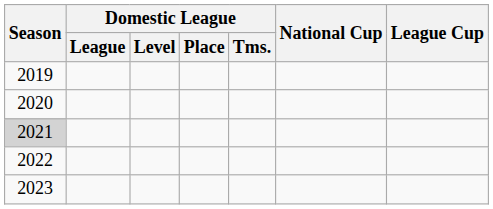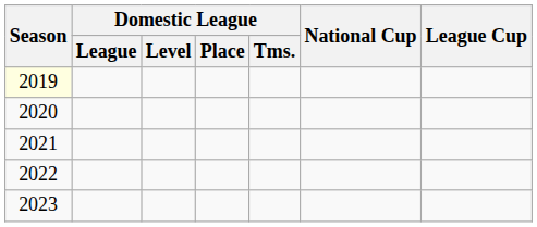 <table class="wikitable" style="text-align:center;">
 <tr style="background:#f0f6fa;">
 <th rowspan="2">Season</th>
 <th colspan="4">Domestic League</th>
 <th rowspan="2">National Cup</th>
 <th rowspan="2">League Cup</th>
 </tr>
 <tr>
 <th>League</th>
 <th>Level</th>
 <th>Place</th>
 <th>Tms.</th>
 </tr>
 <tr>
-<td>2019</td>
+<td style="background: lightyellow;">2019</td>
 <td></td>
 <td></td>
 <td></td>
 <td></td>
 <td></td>
 <td></td>
 </tr>
 <tr>
 <td>2020</td>
 <td></td>
 <td></td>
 <td></td>
 <td></td>
 <td></td>
 <td></td>
 </tr>
 <tr>
-<td style="background: lightgrey;">2021</td>
+<td>2021</td>
 <td></td>
 <td></td>
 <td></td>
 <td></td>
 <td></td>
 <td></td>
 </tr>
 <tr>
 <td>2022</td>
 <td></td>
 <td></td>
 <td></td>
 <td></td>
 <td></td>
 <td></td>
 </tr>
 <tr>
 <td>2023</td>
 <td></td>
 <td></td>
 <td></td>
 <td></td>
 <td></td>
 <td></td>
 </tr>
 </table>
